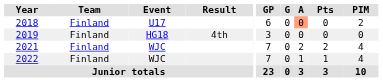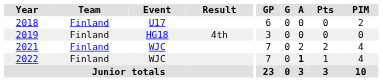 <table border="0" cellpadding="1" cellspacing="0" ID="Table3" style="text-align:center; width:40em">
 <tr ALIGN="center" bgcolor="#e0e0e0">
 <th>Year</th>
 <th>Team</th>
 <th>Event</th>
 <th>Result</th>
 <th rowspan="99" bgcolor="#ffffff"></th>
 <th>GP</th>
 <th>G</th>
 <th>A</th>
 <th>Pts</th>
 <th>PIM</th>
 </tr>
 <tr>
 <td><a href='#'>2018</a></td>
 <td><a href='#'>Finland</a></td>
 <td><a href='#'>U17</a></td>
 <td></td>
 <td>6</td>
 <td>0</td>
-<td style="background: lightsalmon;">0</td>
+<td>0</td>
 <td>0</td>
 <td>2</td>
 </tr>
 <tr bgcolor="#f0f0f0">
 <td><a href='#'>2019</a></td>
 <td>Finland</td>
 <td><a href='#'>HG18</a></td>
 <td>4th</td>
 <td>3</td>
 <td>0</td>
 <td>0</td>
 <td>0</td>
 <td>0</td>
 </tr>
 <tr>
 <td><a href='#'>2021</a></td>
 <td><a href='#'>Finland</a></td>
 <td><a href='#'>WJC</a></td>
 <td></td>
 <td>7</td>
 <td>0</td>
 <td>2</td>
 <td>2</td>
 <td>4</td>
 </tr>
 <tr bgcolor="#f0f0f0">
 <td><a href='#'>2022</a></td>
 <td>Finland</td>
 <td>WJC</td>
 <td></td>
 <td>7</td>
 <td>0</td>
-<td>1</td>
+<td><strong>1</strong></td>
 <td>1</td>
 <td>4</td>
 </tr>
 <tr ALIGN="center" bgcolor="#e0e0e0">
 <th colspan=4>Junior totals</th>
 <th>23</th>
 <th>0</th>
 <th>3</th>
 <th>3</th>
 <th>10</th>
 </tr>
 </table>
